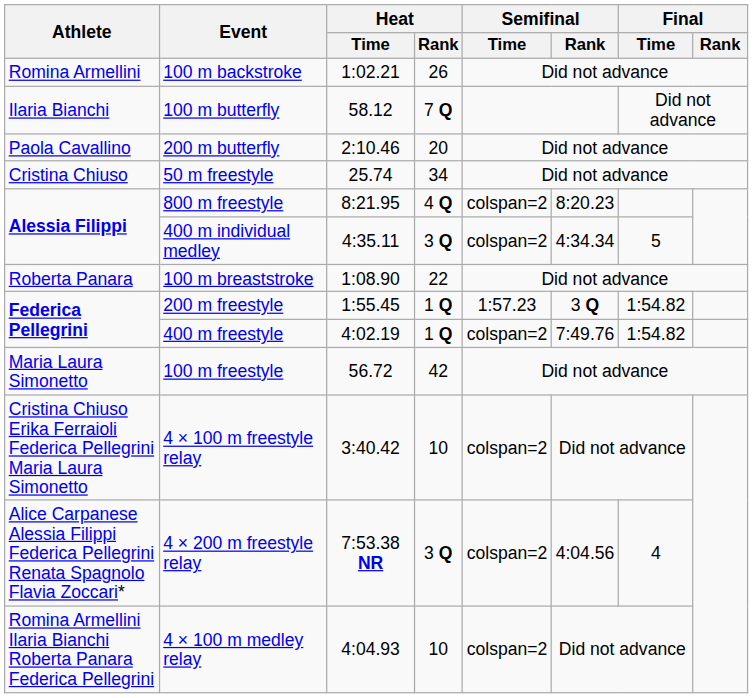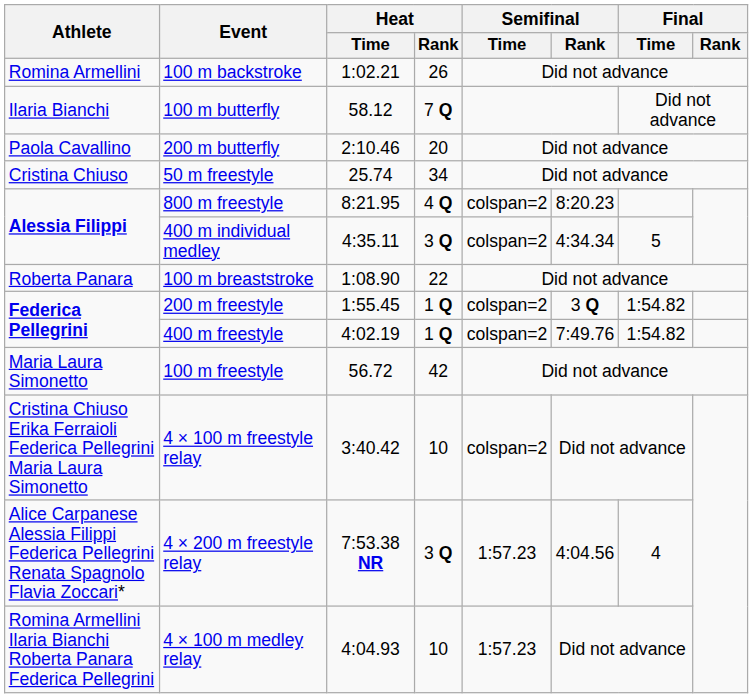 <table class=wikitable style="font-size:90%">
 <tr>
 <th rowspan="2">Athlete</th>
 <th rowspan="2">Event</th>
 <th colspan="2">Heat</th>
 <th colspan="2">Semifinal</th>
 <th colspan="2">Final</th>
 </tr>
 <tr style="font-size:95%">
 <th>Time</th>
 <th>Rank</th>
 <th>Time</th>
 <th>Rank</th>
 <th>Time</th>
 <th>Rank</th>
 </tr>
 <tr align=center>
 <td align=left><a href='#'>Romina Armellini</a></td>
 <td align=left><a href='#'>100 m backstroke</a></td>
 <td>1:02.21</td>
 <td>26</td>
 <td colspan=4>Did not advance</td>
 </tr>
 <tr align=center>
 <td align=left><a href='#'>Ilaria Bianchi</a></td>
 <td align=left><a href='#'>100 m butterfly</a></td>
 <td>58.12</td>
 <td>7 <strong>Q</strong></td>
 <td colspan=2></td>
 <td colspan=2>Did not advance</td>
 </tr>
 <tr align=center>
 <td align=left><a href='#'>Paola Cavallino</a></td>
 <td align=left><a href='#'>200 m butterfly</a></td>
 <td>2:10.46</td>
 <td>20</td>
 <td colspan=4>Did not advance</td>
 </tr>
 <tr align=center>
 <td align=left><a href='#'>Cristina Chiuso</a></td>
 <td align=left><a href='#'>50 m freestyle</a></td>
 <td>25.74</td>
 <td>34</td>
 <td colspan=4>Did not advance</td>
 </tr>
 <tr align=center>
 <td align=left rowspan=2><strong><a href='#'>Alessia Filippi</a></strong></td>
 <td align=left><a href='#'>800 m freestyle</a></td>
 <td>8:21.95</td>
 <td>4 <strong>Q</strong></td>
 <td>colspan=2 </td>
 <td>8:20.23</td>
 <td></td>
 </tr>
 <tr align=center>
 <td align=left><a href='#'>400 m individual medley</a></td>
 <td>4:35.11</td>
 <td>3 <strong>Q</strong></td>
 <td>colspan=2 </td>
 <td>4:34.34</td>
 <td>5</td>
 </tr>
 <tr align=center>
 <td align=left><a href='#'>Roberta Panara</a></td>
 <td align=left><a href='#'>100 m breaststroke</a></td>
 <td>1:08.90</td>
 <td>22</td>
 <td colspan=4>Did not advance</td>
 </tr>
 <tr align=center>
 <td align=left rowspan=2><strong><a href='#'>Federica Pellegrini</a></strong></td>
 <td align=left><a href='#'>200 m freestyle</a></td>
 <td>1:55.45 </td>
 <td>1 <strong>Q</strong></td>
-<td>1:57.23</td>
+<td>colspan=2 </td>
 <td>3 <strong>Q</strong></td>
 <td>1:54.82 </td>
 <td></td>
 </tr>
 <tr align=center>
 <td align=left><a href='#'>400 m freestyle</a></td>
 <td>4:02.19 </td>
 <td>1 <strong>Q</strong></td>
 <td>colspan=2 </td>
 <td>7:49.76</td>
 <td>1:54.82 </td>
 </tr>
 <tr align=center>
 <td align=left><a href='#'>Maria Laura Simonetto</a></td>
 <td align=left><a href='#'>100 m freestyle</a></td>
 <td>56.72</td>
 <td>42</td>
 <td colspan=4>Did not advance</td>
 </tr>
 <tr align=center>
 <td align=left><a href='#'>Cristina Chiuso</a><br><a href='#'>Erika Ferraioli</a><br><a href='#'>Federica Pellegrini</a><br><a href='#'>Maria Laura Simonetto</a></td>
 <td align=left><a href='#'>4 × 100 m freestyle relay</a></td>
 <td>3:40.42</td>
 <td>10</td>
 <td>colspan=2 </td>
 <td colspan=2>Did not advance</td>
 </tr>
 <tr align=center>
 <td align=left><a href='#'>Alice Carpanese</a><br><a href='#'>Alessia Filippi</a><br><a href='#'>Federica Pellegrini</a><br><a href='#'>Renata Spagnolo</a><br><a href='#'>Flavia Zoccari</a>*</td>
 <td align=left><a href='#'>4 × 200 m freestyle relay</a></td>
 <td>7:53.38 <strong><a href='#'>NR</a></strong></td>
 <td>3 <strong>Q</strong></td>
-<td>colspan=2 </td>
+<td>1:57.23</td>
 <td>4:04.56</td>
 <td>4</td>
 </tr>
 <tr align=center>
 <td align=left><a href='#'>Romina Armellini</a><br><a href='#'>Ilaria Bianchi</a><br><a href='#'>Roberta Panara</a><br><a href='#'>Federica Pellegrini</a></td>
 <td align=left><a href='#'>4 × 100 m medley relay</a></td>
 <td>4:04.93</td>
 <td>10</td>
-<td>colspan=2 </td>
+<td>1:57.23</td>
 <td colspan=2>Did not advance</td>
 </tr>
 </table>
